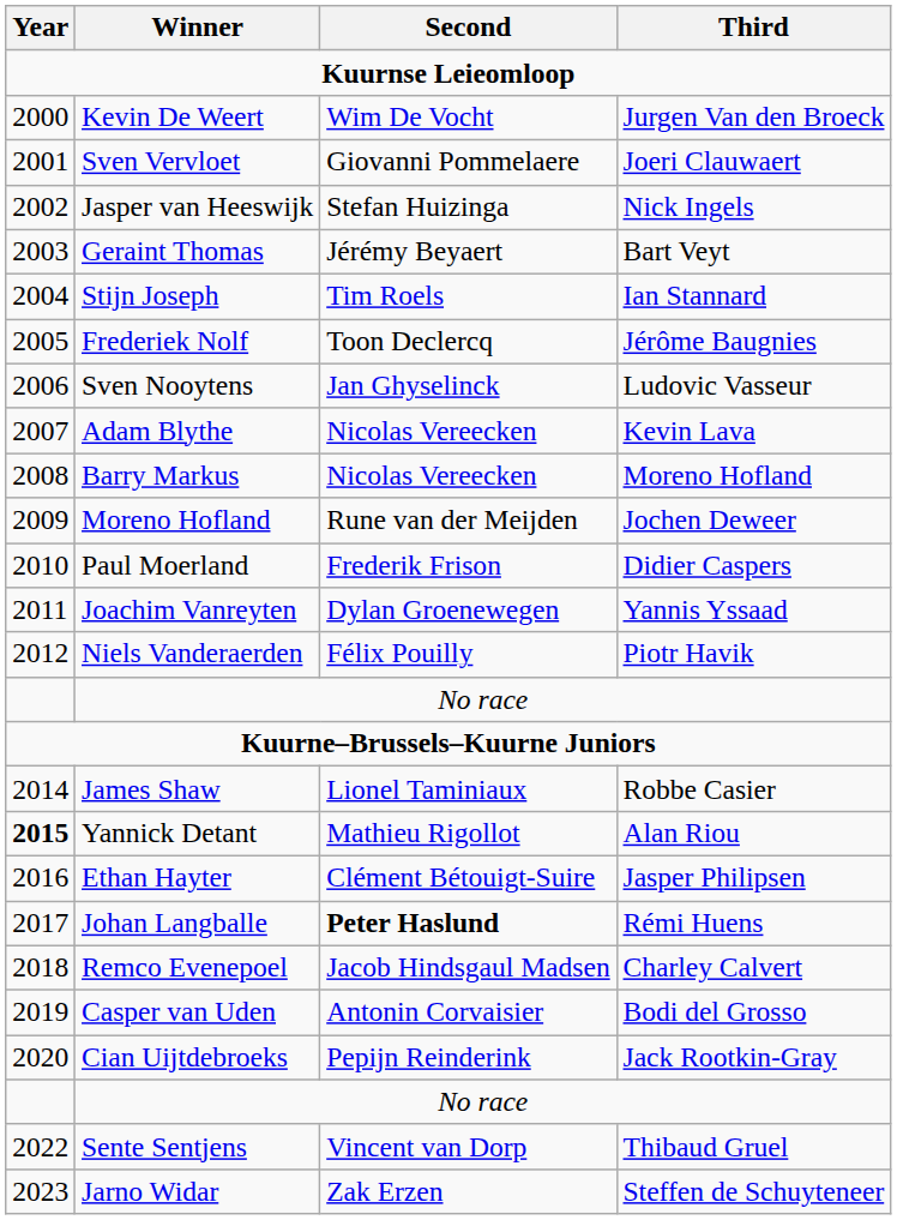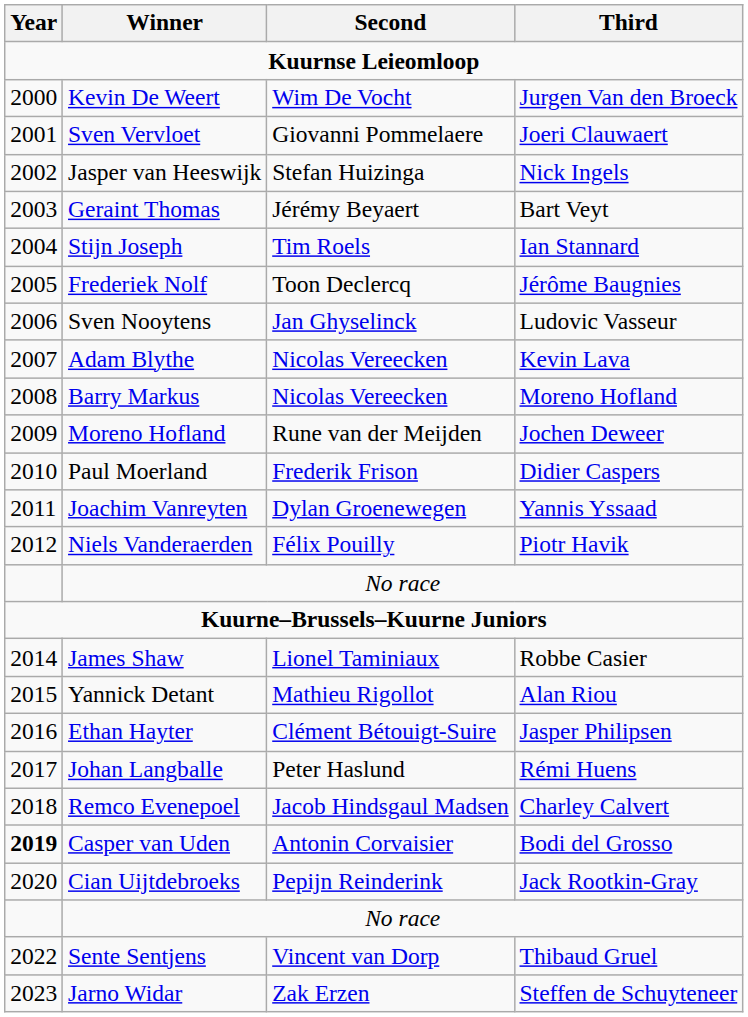 <table class=wikitable>
 <tr>
 <th>Year</th>
 <th>Winner</th>
 <th>Second</th>
 <th>Third</th>
 </tr>
 <tr>
 <td align=center colspan=4><strong>Kuurnse Leieomloop</strong></td>
 </tr>
 <tr>
 <td>2000</td>
 <td> <a href='#'>Kevin De Weert</a></td>
 <td> <a href='#'>Wim De Vocht</a></td>
 <td> <a href='#'>Jurgen Van den Broeck</a></td>
 </tr>
 <tr>
 <td>2001</td>
 <td> <a href='#'>Sven Vervloet</a></td>
 <td> Giovanni Pommelaere</td>
 <td> <a href='#'>Joeri Clauwaert</a></td>
 </tr>
 <tr>
 <td>2002</td>
 <td> Jasper van Heeswijk</td>
 <td> Stefan Huizinga</td>
 <td> <a href='#'>Nick Ingels</a></td>
 </tr>
 <tr>
 <td>2003</td>
 <td> <a href='#'>Geraint Thomas</a></td>
 <td> Jérémy Beyaert</td>
 <td> Bart Veyt</td>
 </tr>
 <tr>
 <td>2004</td>
 <td> <a href='#'>Stijn Joseph</a></td>
 <td> <a href='#'>Tim Roels</a></td>
 <td> <a href='#'>Ian Stannard</a></td>
 </tr>
 <tr>
 <td>2005</td>
 <td> <a href='#'>Frederiek Nolf</a></td>
 <td> Toon Declercq</td>
 <td> <a href='#'>Jérôme Baugnies</a></td>
 </tr>
 <tr>
 <td>2006</td>
 <td> Sven Nooytens</td>
 <td> <a href='#'>Jan Ghyselinck</a></td>
 <td> Ludovic Vasseur</td>
 </tr>
 <tr>
 <td>2007</td>
 <td> <a href='#'>Adam Blythe</a></td>
 <td> <a href='#'>Nicolas Vereecken</a></td>
 <td> <a href='#'>Kevin Lava</a></td>
 </tr>
 <tr>
 <td>2008</td>
 <td> <a href='#'>Barry Markus</a></td>
 <td> <a href='#'>Nicolas Vereecken</a></td>
 <td> <a href='#'>Moreno Hofland</a></td>
 </tr>
 <tr>
 <td>2009</td>
 <td> <a href='#'>Moreno Hofland</a></td>
 <td> Rune van der Meijden</td>
 <td> <a href='#'>Jochen Deweer</a></td>
 </tr>
 <tr>
 <td>2010</td>
 <td> Paul Moerland</td>
 <td> <a href='#'>Frederik Frison</a></td>
 <td> <a href='#'>Didier Caspers</a></td>
 </tr>
 <tr>
 <td>2011</td>
 <td> <a href='#'>Joachim Vanreyten</a></td>
 <td> <a href='#'>Dylan Groenewegen</a></td>
 <td> <a href='#'>Yannis Yssaad</a></td>
 </tr>
 <tr>
 <td>2012</td>
 <td> <a href='#'>Niels Vanderaerden</a></td>
 <td> <a href='#'>Félix Pouilly</a></td>
 <td> <a href='#'>Piotr Havik</a></td>
 </tr>
 <tr>
 <td></td>
 <td align=center colspan=3><em>No race</em></td>
 </tr>
 <tr>
 <td align=center colspan=4><strong>Kuurne–Brussels–Kuurne Juniors</strong></td>
 </tr>
 <tr>
 <td>2014</td>
 <td> <a href='#'>James Shaw</a></td>
 <td> <a href='#'>Lionel Taminiaux</a></td>
 <td> Robbe Casier</td>
 </tr>
 <tr>
-<td><strong>2015</strong></td>
+<td>2015</td>
 <td> Yannick Detant</td>
 <td> <a href='#'>Mathieu Rigollot</a></td>
 <td> <a href='#'>Alan Riou</a></td>
 </tr>
 <tr>
 <td>2016</td>
 <td> <a href='#'>Ethan Hayter</a></td>
 <td> <a href='#'>Clément Bétouigt-Suire</a></td>
 <td> <a href='#'>Jasper Philipsen</a></td>
 </tr>
 <tr>
 <td>2017</td>
 <td> <a href='#'>Johan Langballe</a></td>
-<td><strong> Peter Haslund</strong></td>
+<td> Peter Haslund</td>
 <td> <a href='#'>Rémi Huens</a></td>
 </tr>
 <tr>
 <td>2018</td>
 <td> <a href='#'>Remco Evenepoel</a></td>
 <td> <a href='#'>Jacob Hindsgaul Madsen</a></td>
 <td> <a href='#'>Charley Calvert</a></td>
 </tr>
 <tr>
-<td>2019</td>
+<td><strong>2019</strong></td>
 <td> <a href='#'>Casper van Uden</a></td>
 <td> <a href='#'>Antonin Corvaisier</a></td>
 <td> <a href='#'>Bodi del Grosso</a></td>
 </tr>
 <tr>
 <td>2020</td>
 <td> <a href='#'>Cian Uijtdebroeks</a></td>
 <td> <a href='#'>Pepijn Reinderink</a></td>
 <td> <a href='#'>Jack Rootkin-Gray</a></td>
 </tr>
 <tr>
 <td></td>
 <td align=center colspan=3><em>No race</em></td>
 </tr>
 <tr>
 <td>2022</td>
 <td> <a href='#'>Sente Sentjens</a></td>
 <td> <a href='#'>Vincent van Dorp</a></td>
 <td> <a href='#'>Thibaud Gruel</a></td>
 </tr>
 <tr>
 <td>2023</td>
 <td> <a href='#'>Jarno Widar</a></td>
 <td> <a href='#'>Zak Erzen</a></td>
 <td> <a href='#'>Steffen de Schuyteneer</a></td>
 </tr>
 </table>
